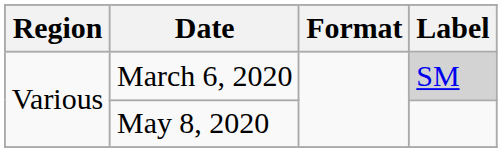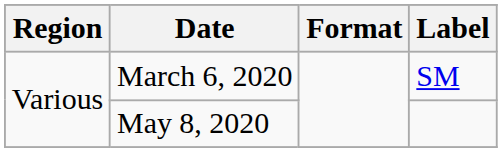 <table class="wikitable">
 <tr>
 <th>Region</th>
 <th>Date</th>
 <th>Format</th>
 <th>Label</th>
 </tr>
 <tr>
 <td rowspan="2">Various</td>
 <td>March 6, 2020</td>
 <td rowspan="2"></td>
-<td style="background: lightgrey;"><a href='#'>SM</a></td>
+<td><a href='#'>SM</a></td>
 </tr>
 <tr>
 <td>May 8, 2020</td>
 <td></td>
 </tr>
 </table>
